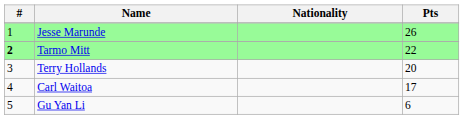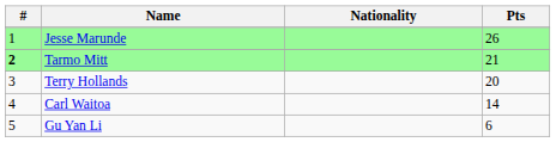 <table class="wikitable" style="display: inline-table; width: 50%;">
 <tr>
 <th>#</th>
 <th>Name</th>
 <th>Nationality</th>
 <th>Pts</th>
 </tr>
 <tr>
 </tr>
 <tr style="background:palegreen">
 <td>1</td>
 <td><a href='#'>Jesse Marunde</a></td>
 <td></td>
 <td>26</td>
 </tr>
 <tr>
 </tr>
 <tr style="background:palegreen">
 <td><strong>2</strong></td>
 <td><a href='#'>Tarmo Mitt</a></td>
 <td></td>
-<td>22</td>
+<td>21</td>
 </tr>
 <tr>
 <td>3</td>
 <td><a href='#'>Terry Hollands</a></td>
 <td></td>
 <td>20</td>
 </tr>
 <tr>
 <td>4</td>
 <td><a href='#'>Carl Waitoa</a></td>
 <td></td>
-<td>17</td>
+<td>14</td>
 </tr>
 <tr>
 <td>5</td>
 <td><a href='#'>Gu Yan Li</a></td>
 <td></td>
 <td>6</td>
 </tr>
 </table>
